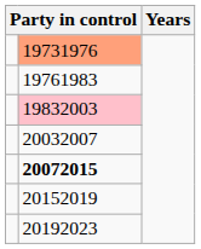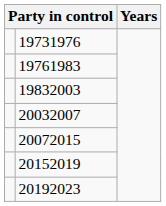 <table class="wikitable">
 <tr>
 <th colspan="2">Party in control</th>
 <th>Years</th>
 </tr>
 <tr>
 <td></td>
-<td style="background: lightsalmon;">19731976</td>
+<td>19731976</td>
 </tr>
 <tr>
 <td></td>
 <td>19761983</td>
 </tr>
 <tr>
 <td></td>
-<td style="background: pink;">19832003</td>
+<td>19832003</td>
 </tr>
 <tr>
 <td></td>
 <td>20032007</td>
 </tr>
 <tr>
 <td></td>
-<td><strong>20072015</strong></td>
+<td>20072015</td>
 </tr>
 <tr>
 <td></td>
 <td>20152019</td>
 </tr>
 <tr>
 <td></td>
 <td>20192023</td>
 </tr>
 </table>
